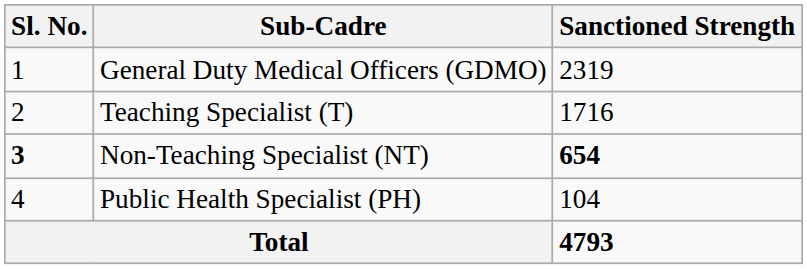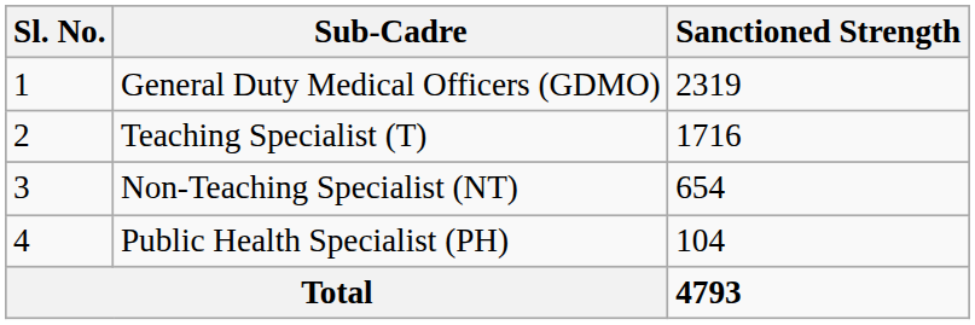 <table class="wikitable">
 <tr>
 <th>Sl. No.</th>
 <th>Sub-Cadre</th>
 <th>Sanctioned Strength</th>
 </tr>
 <tr>
 <td>1</td>
 <td>General Duty Medical Officers (GDMO)</td>
 <td>2319</td>
 </tr>
 <tr>
 <td>2</td>
 <td>Teaching Specialist (T)</td>
 <td>1716</td>
 </tr>
 <tr>
-<td><strong>3</strong></td>
+<td>3</td>
 <td>Non-Teaching Specialist (NT)</td>
-<td><strong>654</strong></td>
+<td>654</td>
 </tr>
 <tr>
 <td>4</td>
 <td>Public Health Specialist (PH)</td>
 <td>104</td>
 </tr>
 <tr>
 <th colspan="2"><strong>Total</strong></th>
 <td><strong>4793</strong></td>
 </tr>
 </table>
